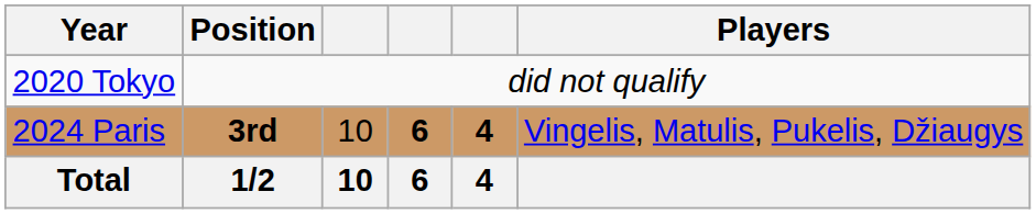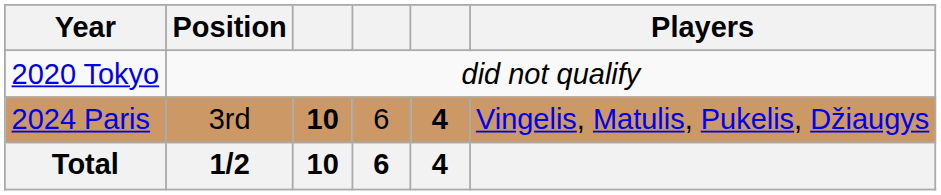 <table class="wikitable" style="text-align: center;">
 <tr>
 <th>Year</th>
 <th>Position</th>
 <th width=25px></th>
 <th width=25px></th>
 <th width=25px></th>
 <th>Players</th>
 </tr>
 <tr>
 <td style="text-align: left;"> <a href='#'>2020 Tokyo</a></td>
 <td colspan=5><em>did not qualify</em></td>
 </tr>
 <tr style="background:#cc9966;">
 <td style="text-align: left;"> <a href='#'>2024 Paris</a></td>
-<td><strong>3rd</strong></td>
-<td>10</td>
-<td><strong>6</strong></td>
+<td>3rd</td>
+<td><strong>10</strong></td>
+<td>6</td>
 <td><strong>4</strong></td>
 <td><a href='#'>Vingelis</a>, <a href='#'>Matulis</a>, <a href='#'>Pukelis</a>, <a href='#'>Džiaugys</a></td>
 </tr>
 <tr>
 <th>Total</th>
 <th>1/2</th>
 <th>10</th>
 <th>6</th>
 <th>4</th>
 <th></th>
 </tr>
 </table>
